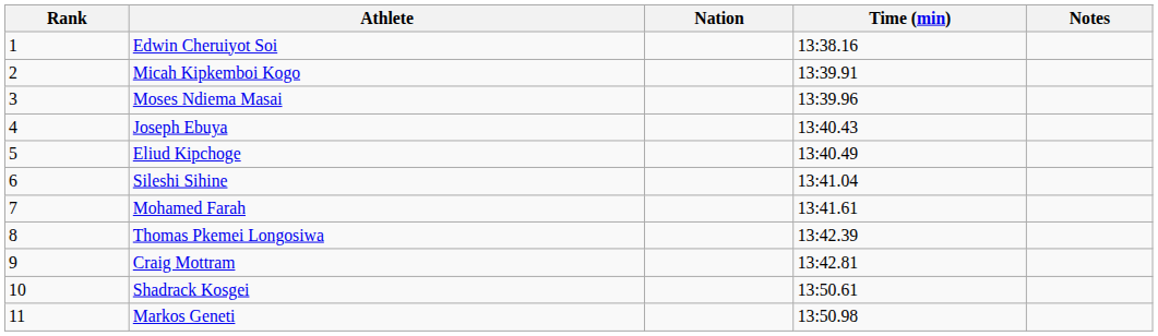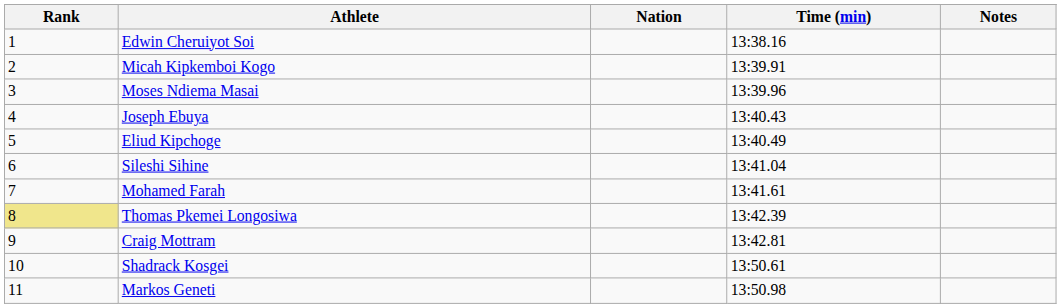 <table class="wikitable" width=85%>
 <tr>
 </tr>
 <tr>
 <th>Rank</th>
 <th>Athlete</th>
 <th>Nation</th>
 <th>Time (<a href='#'>min</a>)</th>
 <th>Notes</th>
 </tr>
 <tr>
 <td>1</td>
 <td><a href='#'>Edwin Cheruiyot Soi</a></td>
 <td></td>
 <td>13:38.16</td>
 <td></td>
 </tr>
 <tr>
 <td>2</td>
 <td><a href='#'>Micah Kipkemboi Kogo</a></td>
 <td></td>
 <td>13:39.91</td>
 <td></td>
 </tr>
 <tr>
 <td>3</td>
 <td><a href='#'>Moses Ndiema Masai</a></td>
 <td></td>
 <td>13:39.96</td>
 <td></td>
 </tr>
 <tr>
 <td>4</td>
 <td><a href='#'>Joseph Ebuya</a></td>
 <td></td>
 <td>13:40.43</td>
 <td></td>
 </tr>
 <tr>
 <td>5</td>
 <td><a href='#'>Eliud Kipchoge</a></td>
 <td></td>
 <td>13:40.49</td>
 <td></td>
 </tr>
 <tr>
 <td>6</td>
 <td><a href='#'>Sileshi Sihine</a></td>
 <td></td>
 <td>13:41.04</td>
 <td></td>
 </tr>
 <tr>
 <td>7</td>
 <td><a href='#'>Mohamed Farah</a></td>
 <td></td>
 <td>13:41.61</td>
 <td></td>
 </tr>
 <tr>
-<td>8</td>
+<td style="background: khaki;">8</td>
 <td><a href='#'>Thomas Pkemei Longosiwa</a></td>
 <td></td>
 <td>13:42.39</td>
 <td></td>
 </tr>
 <tr>
 <td>9</td>
 <td><a href='#'>Craig Mottram</a></td>
 <td></td>
 <td>13:42.81</td>
 <td></td>
 </tr>
 <tr>
 <td>10</td>
 <td><a href='#'>Shadrack Kosgei</a></td>
 <td></td>
 <td>13:50.61</td>
 <td></td>
 </tr>
 <tr>
 <td>11</td>
 <td><a href='#'>Markos Geneti</a></td>
 <td></td>
 <td>13:50.98</td>
 <td></td>
 </tr>
 </table>
